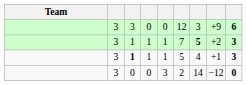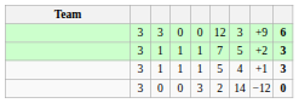 <table class="wikitable" style="text-align:center;">
 <tr>
 <th width=165>Team</th>
 <th width=20></th>
 <th width=20></th>
 <th width=20></th>
 <th width=20></th>
 <th width=20></th>
 <th width=20></th>
 <th width=20></th>
 <th width=20></th>
 </tr>
 <tr bgcolor="#ccffcc">
 <td align="left"></td>
 <td>3</td>
 <td>3</td>
 <td>0</td>
 <td>0</td>
 <td>12</td>
 <td>3</td>
 <td>+9</td>
 <td><strong>6</strong></td>
 </tr>
 <tr bgcolor="#ccffcc">
 <td align="left"></td>
 <td>3</td>
 <td>1</td>
 <td>1</td>
 <td>1</td>
 <td>7</td>
-<td><strong>5</strong></td>
+<td>5</td>
 <td>+2</td>
 <td><strong>3</strong></td>
 </tr>
 <tr>
 <td align="left"></td>
 <td>3</td>
-<td><strong>1</strong></td>
+<td>1</td>
 <td>1</td>
 <td>1</td>
 <td>5</td>
 <td>4</td>
 <td>+1</td>
 <td><strong>3</strong></td>
 </tr>
 <tr>
 <td align="left"></td>
 <td>3</td>
 <td>0</td>
 <td>0</td>
 <td>3</td>
 <td>2</td>
 <td>14</td>
 <td>−12</td>
 <td><strong>0</strong></td>
 </tr>
 </table>
